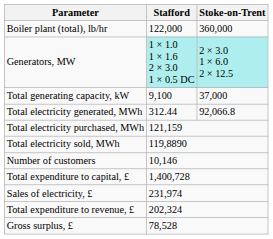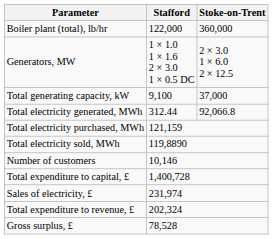 <table class="wikitable">
 <tr>
 <th>Parameter</th>
 <th>Stafford</th>
 <th>Stoke-on-Trent</th>
 </tr>
 <tr>
 <td>Boiler plant (total), lb/hr</td>
 <td>122,000</td>
 <td>360,000</td>
 </tr>
 <tr>
 <td>Generators, MW</td>
-<td style="background: paleturquoise;">1 × 1.0<br>1 × 1.6<br>2 × 3.0<br>1 × 0.5 DC</td>
-<td style="background: paleturquoise;">2 × 3.0<br>1 × 6.0<br>2 × 12.5</td>
+<td>1 × 1.0<br>1 × 1.6<br>2 × 3.0<br>1 × 0.5 DC</td>
+<td>2 × 3.0<br>1 × 6.0<br>2 × 12.5</td>
 </tr>
 <tr>
 <td>Total generating capacity, kW</td>
 <td>9,100</td>
 <td>37,000</td>
 </tr>
 <tr>
 <td>Total electricity generated, MWh</td>
 <td>312.44</td>
 <td>92,066.8</td>
 </tr>
 <tr>
 <td>Total electricity purchased, MWh</td>
 <td colspan="2">121,159</td>
 </tr>
 <tr>
 <td>Total electricity sold, MWh</td>
 <td colspan="2">119,8890</td>
 </tr>
 <tr>
 <td>Number of customers</td>
 <td colspan="2">10,146</td>
 </tr>
 <tr>
 <td>Total expenditure to capital, £</td>
 <td colspan="2">1,400,728</td>
 </tr>
 <tr>
 <td>Sales of electricity, £</td>
 <td colspan="2">231,974</td>
 </tr>
 <tr>
 <td>Total expenditure to revenue, £</td>
 <td colspan="2">202,324</td>
 </tr>
 <tr>
 <td>Gross surplus, £</td>
 <td colspan="2">78,528</td>
 </tr>
 </table>
